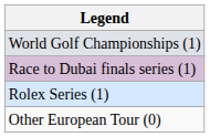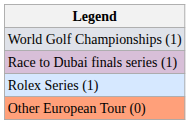 <table class="wikitable" style="font-size:95%;">
 <tr>
 <th>Legend</th>
 </tr>
 <tr style="background:#dfe2e9;">
 <td>World Golf Championships (1)</td>
 </tr>
 <tr style="background:thistle;">
 <td>Race to Dubai finals series (1)</td>
 </tr>
 <tr style="background:#D6E8FF;">
 <td>Rolex Series (1)</td>
 </tr>
 <tr>
-<td>Other European Tour (0)</td>
+<td style="background: lightsalmon;">Other European Tour (0)</td>
 </tr>
 </table>
